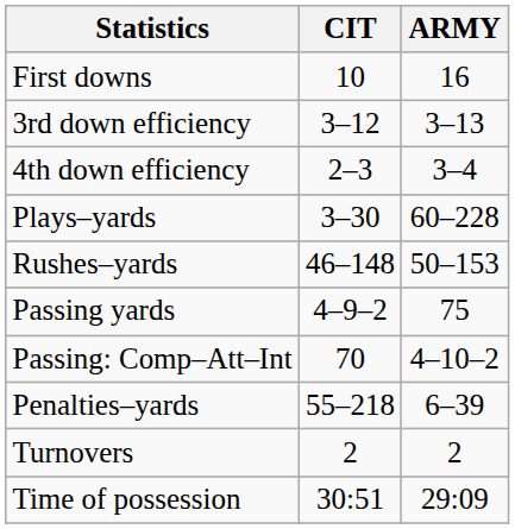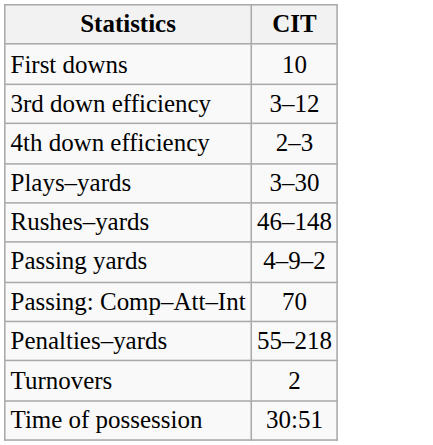 <table class="wikitable">
 <tr>
 <th>Statistics</th>
 <th>CIT</th>
-<th>ARMY</th>
 </tr>
 <tr>
 <td>First downs</td>
 <td align=center>10</td>
-<td align=center>16</td>
 </tr>
 <tr>
 <td>3rd down efficiency</td>
 <td align=center>3–12</td>
-<td align=center>3–13</td>
 </tr>
 <tr>
 <td>4th down efficiency</td>
 <td align=center>2–3</td>
-<td align=center>3–4</td>
 </tr>
 <tr>
 <td>Plays–yards</td>
 <td align=center>3–30</td>
-<td align=center>60–228</td>
 </tr>
 <tr>
 <td>Rushes–yards</td>
 <td align=center>46–148</td>
-<td align=center>50–153</td>
 </tr>
 <tr>
 <td>Passing yards</td>
 <td align=center>4–9–2</td>
-<td align=center>75</td>
 </tr>
 <tr>
 <td>Passing: Comp–Att–Int</td>
 <td align=center>70</td>
-<td align=center>4–10–2</td>
 </tr>
 <tr>
 <td>Penalties–yards</td>
 <td align=center>55–218</td>
-<td align=center>6–39</td>
 </tr>
 <tr>
 <td>Turnovers</td>
-<td align=center>2</td>
 <td align=center>2</td>
 </tr>
 <tr>
 <td>Time of possession</td>
 <td align=center>30:51</td>
-<td align=center>29:09</td>
 </tr>
 </table>
